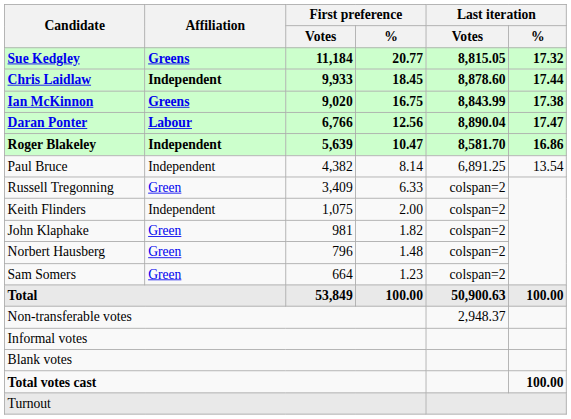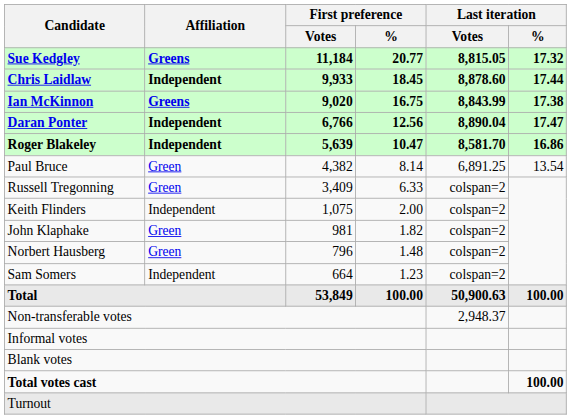 <table class="wikitable">
 <tr style="background:#e9e9e9;">
 <th rowspan="2" style="width:20%;">Candidate</th>
 <th rowspan="2" style="width:20%;">Affiliation</th>
 <th colspan="2" style="width:20%;">First preference</th>
 <th colspan="2" style="width:20%;">Last iteration</th>
 </tr>
 <tr style="background:#e9e9e9;">
 <th>Votes</th>
 <th>%</th>
 <th>Votes</th>
 <th>%</th>
 </tr>
 <tr style="text-align:right;background:#cfc;">
 <td style="text-align:left;"><strong><a href='#'>Sue Kedgley</a></strong></td>
 <td style="text-align:left;"><strong><a href='#'>Greens</a></strong></td>
 <td><strong>11,184</strong></td>
 <td><strong>20.77</strong></td>
 <td><strong>8,815.05</strong></td>
 <td><strong>17.32</strong></td>
 </tr>
 <tr style="text-align:right;background:#cfc;">
 <td style="text-align:left;"><strong><a href='#'>Chris Laidlaw</a></strong></td>
 <td style="text-align:left;"><strong>Independent</strong></td>
 <td><strong>9,933</strong></td>
 <td><strong>18.45</strong></td>
 <td><strong>8,878.60</strong></td>
 <td><strong>17.44</strong></td>
 </tr>
 <tr style="text-align:right;background:#cfc;">
 <td style="text-align:left;"><strong><a href='#'>Ian McKinnon</a></strong></td>
 <td style="text-align:left;"><strong><a href='#'>Greens</a></strong></td>
 <td><strong>9,020</strong></td>
 <td><strong>16.75</strong></td>
 <td><strong>8,843.99</strong></td>
 <td><strong>17.38</strong></td>
 </tr>
 <tr style="text-align:right;background:#cfc;">
 <td style="text-align:left;"><strong><a href='#'>Daran Ponter</a></strong></td>
-<td style="text-align:left;"><strong><a href='#'>Labour</a></strong></td>
+<td style="text-align:left;"><strong>Independent</strong></td>
 <td><strong>6,766</strong></td>
 <td><strong>12.56</strong></td>
 <td><strong>8,890.04</strong></td>
 <td><strong>17.47</strong></td>
 </tr>
 <tr style="text-align:right;background:#cfc;">
 <td style="text-align:left;"><strong>Roger Blakeley</strong></td>
 <td style="text-align:left;"><strong>Independent</strong></td>
 <td><strong>5,639</strong></td>
 <td><strong>10.47</strong></td>
 <td><strong>8,581.70</strong></td>
 <td><strong>16.86</strong></td>
 </tr>
 <tr style="text-align:right;">
 <td style="text-align:left;">Paul Bruce</td>
-<td style="text-align:left;">Independent</td>
+<td style="text-align:left;"><a href='#'>Green</a></td>
 <td>4,382</td>
 <td>8.14</td>
 <td>6,891.25</td>
 <td>13.54</td>
 </tr>
 <tr style="text-align:right;">
 <td style="text-align:left;">Russell Tregonning</td>
 <td style="text-align:left;"><a href='#'>Green</a></td>
 <td>3,409</td>
 <td>6.33</td>
 <td>colspan=2 </td>
 </tr>
 <tr style="text-align:right;">
 <td style="text-align:left;">Keith Flinders</td>
 <td style="text-align:left;">Independent</td>
 <td>1,075</td>
 <td>2.00</td>
 <td>colspan=2 </td>
 </tr>
 <tr style="text-align:right;">
 <td style="text-align:left;">John Klaphake</td>
 <td style="text-align:left;"><a href='#'>Green</a></td>
 <td>981</td>
 <td>1.82</td>
 <td>colspan=2 </td>
 </tr>
 <tr style="text-align:right;">
 <td style="text-align:left;">Norbert Hausberg</td>
 <td style="text-align:left;"><a href='#'>Green</a></td>
 <td>796</td>
 <td>1.48</td>
 <td>colspan=2 </td>
 </tr>
 <tr style="text-align:right;">
 <td style="text-align:left;">Sam Somers</td>
-<td style="text-align:left;"><a href='#'>Green</a></td>
+<td style="text-align:left;">Independent</td>
 <td>664</td>
 <td>1.23</td>
 <td>colspan=2 </td>
 </tr>
 <tr style="background:#e9e9e9;text-align:right;">
 <td colspan=2 style="text-align:left;"><strong>Total</strong></td>
 <td><strong>53,849</strong></td>
 <td><strong>100.00</strong></td>
 <td><strong>50,900.63</strong></td>
 <td><strong>100.00</strong></td>
 </tr>
 <tr style="text-align:right;">
 <td colspan=4 style="text-align:left;">Non-transferable votes</td>
 <td>2,948.37</td>
 <td></td>
 </tr>
 <tr style="text-align:right;">
 <td colspan=4 style="text-align:left;">Informal votes</td>
 <td></td>
 <td></td>
 </tr>
 <tr style="text-align:right;">
 <td colspan=4 style="text-align:left;">Blank votes</td>
 <td></td>
 <td></td>
 </tr>
 <tr style="text-align:right;">
 <td colspan=4 style="text-align:left;"><strong>Total votes cast</strong></td>
 <td></td>
 <td><strong>100.00</strong></td>
 </tr>
 <tr style="background:#e9e9e9;text-align:right;">
 <td colspan=4 style="text-align:left;">Turnout</td>
 <td colspan=2></td>
 </tr>
 </table>
